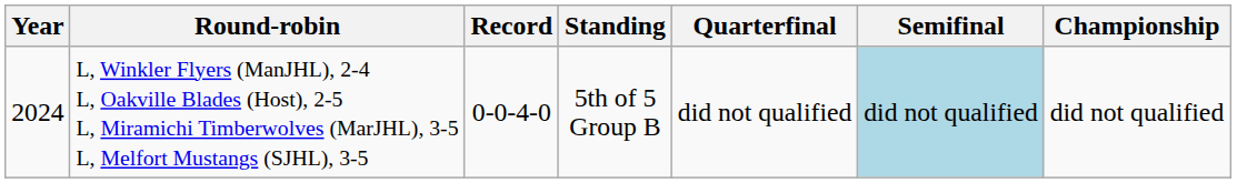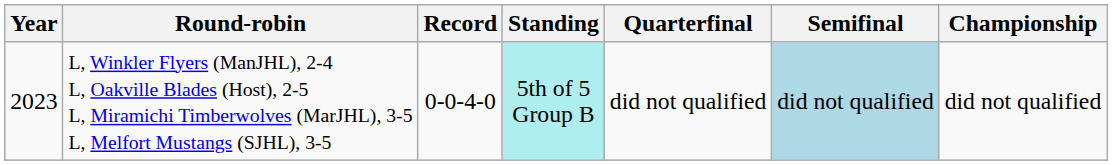 <table class="wikitable" style="text-align:center;">
 <tr>
 <th>Year</th>
 <th>Round-robin</th>
 <th>Record</th>
 <th>Standing</th>
 <th>Quarterfinal</th>
 <th>Semifinal</th>
 <th>Championship</th>
 </tr>
 <tr>
-<td>2024</td>
+<td>2023</td>
 <td align=left><small>L, <a href='#'>Winkler Flyers</a> (ManJHL), 2-4<br>L, <a href='#'>Oakville Blades</a> (Host), 2-5<br>L, <a href='#'>Miramichi Timberwolves</a> (MarJHL), 3-5<br>L, <a href='#'>Melfort Mustangs</a> (SJHL), 3-5</small></td>
 <td>0-0-4-0</td>
-<td>5th of 5 <br>Group B</td>
+<td style="background: paleturquoise;">5th of 5 <br>Group B</td>
 <td>did not qualified</td>
 <td style="background: lightblue;">did not qualified</td>
 <td>did not qualified</td>
 </tr>
 </table>
